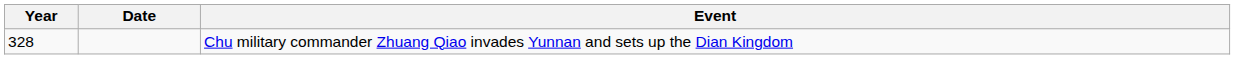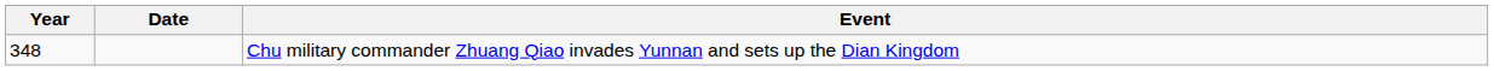 <table class="wikitable" width="100%">
 <tr>
 <th style="width:6%">Year</th>
 <th style="width:10%">Date</th>
 <th>Event</th>
 </tr>
 <tr>
-<td>328</td>
+<td>348</td>
 <td></td>
 <td><a href='#'>Chu</a> military commander <a href='#'>Zhuang Qiao</a> invades <a href='#'>Yunnan</a> and sets up the <a href='#'>Dian Kingdom</a></td>
 </tr>
 </table>
